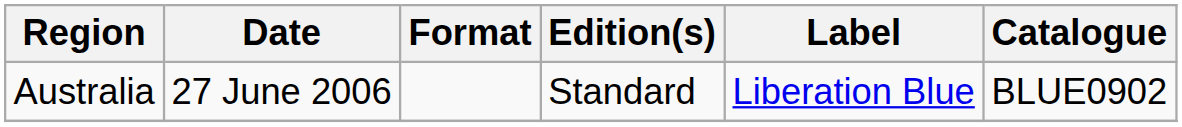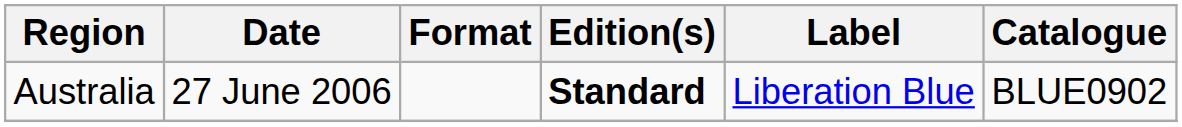 <table class="wikitable plainrowheaders">
 <tr>
 <th scope="col">Region</th>
 <th scope="col">Date</th>
 <th scope="col">Format</th>
 <th scope="col">Edition(s)</th>
 <th scope="col">Label</th>
 <th scope="col">Catalogue</th>
 </tr>
 <tr>
 <td>Australia</td>
 <td>27 June 2006</td>
 <td></td>
-<td>Standard</td>
+<td><strong>Standard</strong></td>
 <td><a href='#'>Liberation Blue</a></td>
 <td>BLUE0902</td>
 </tr>
 <tr>
 </tr>
 </table>
